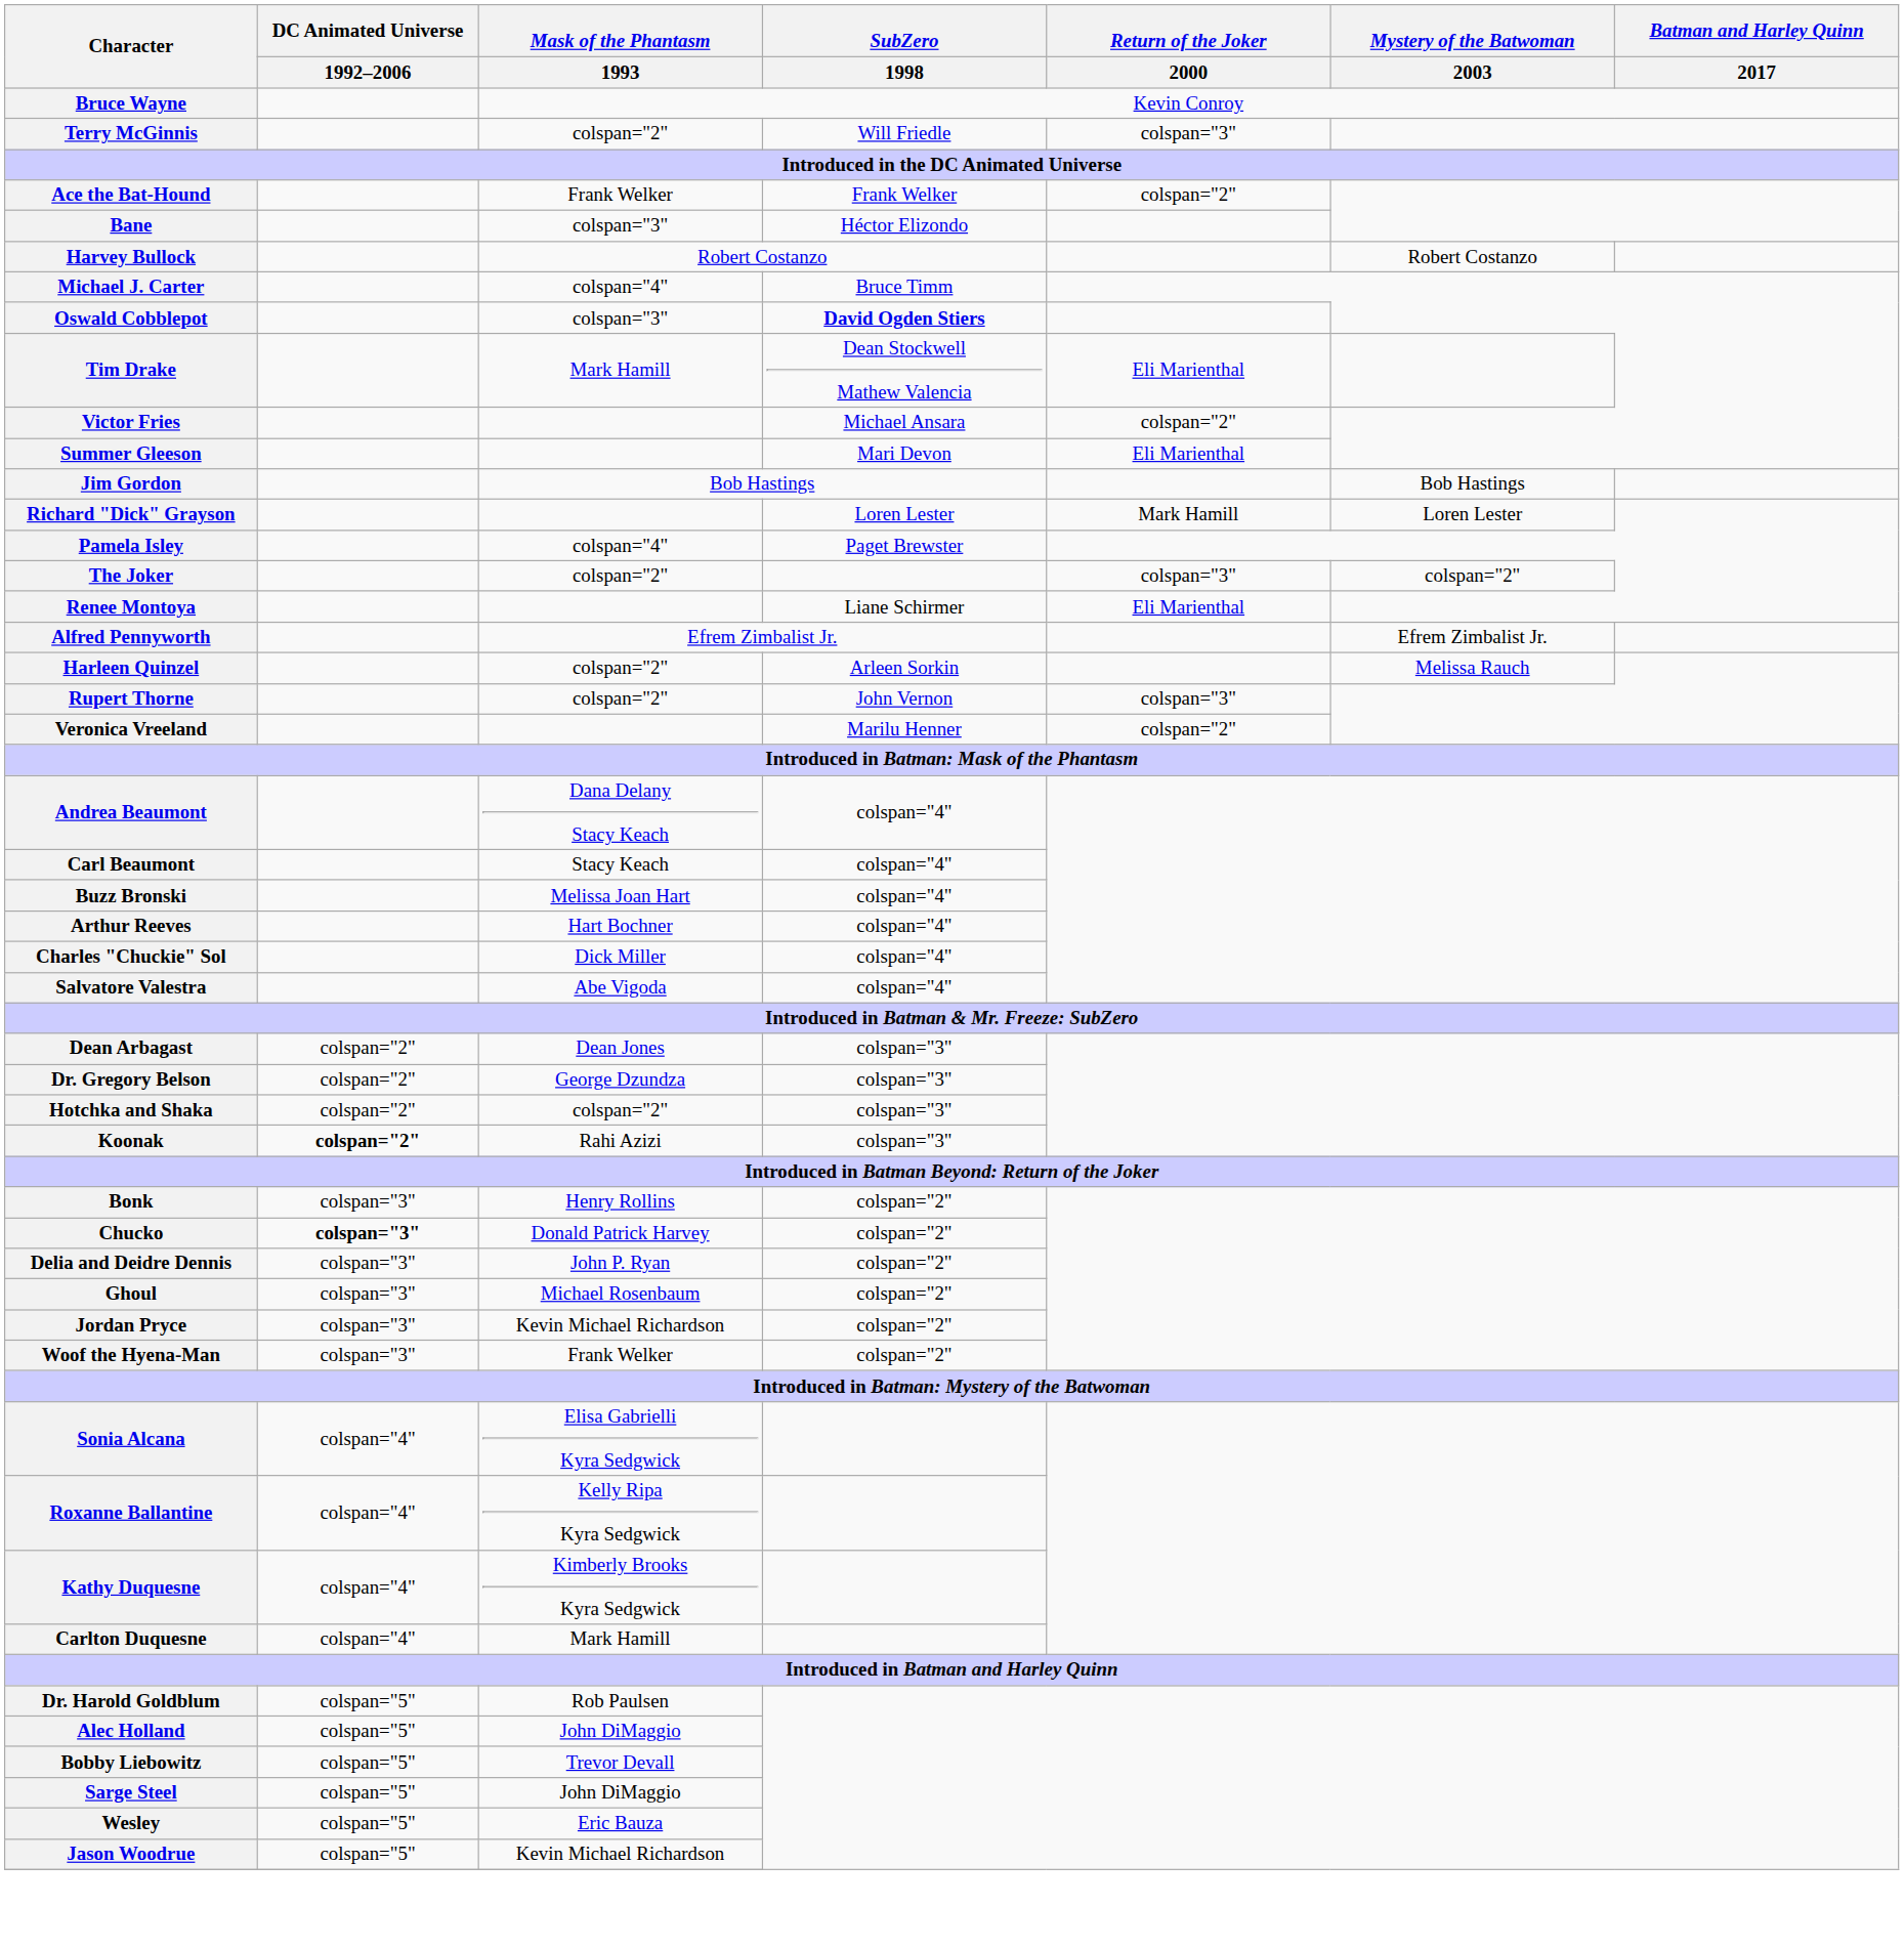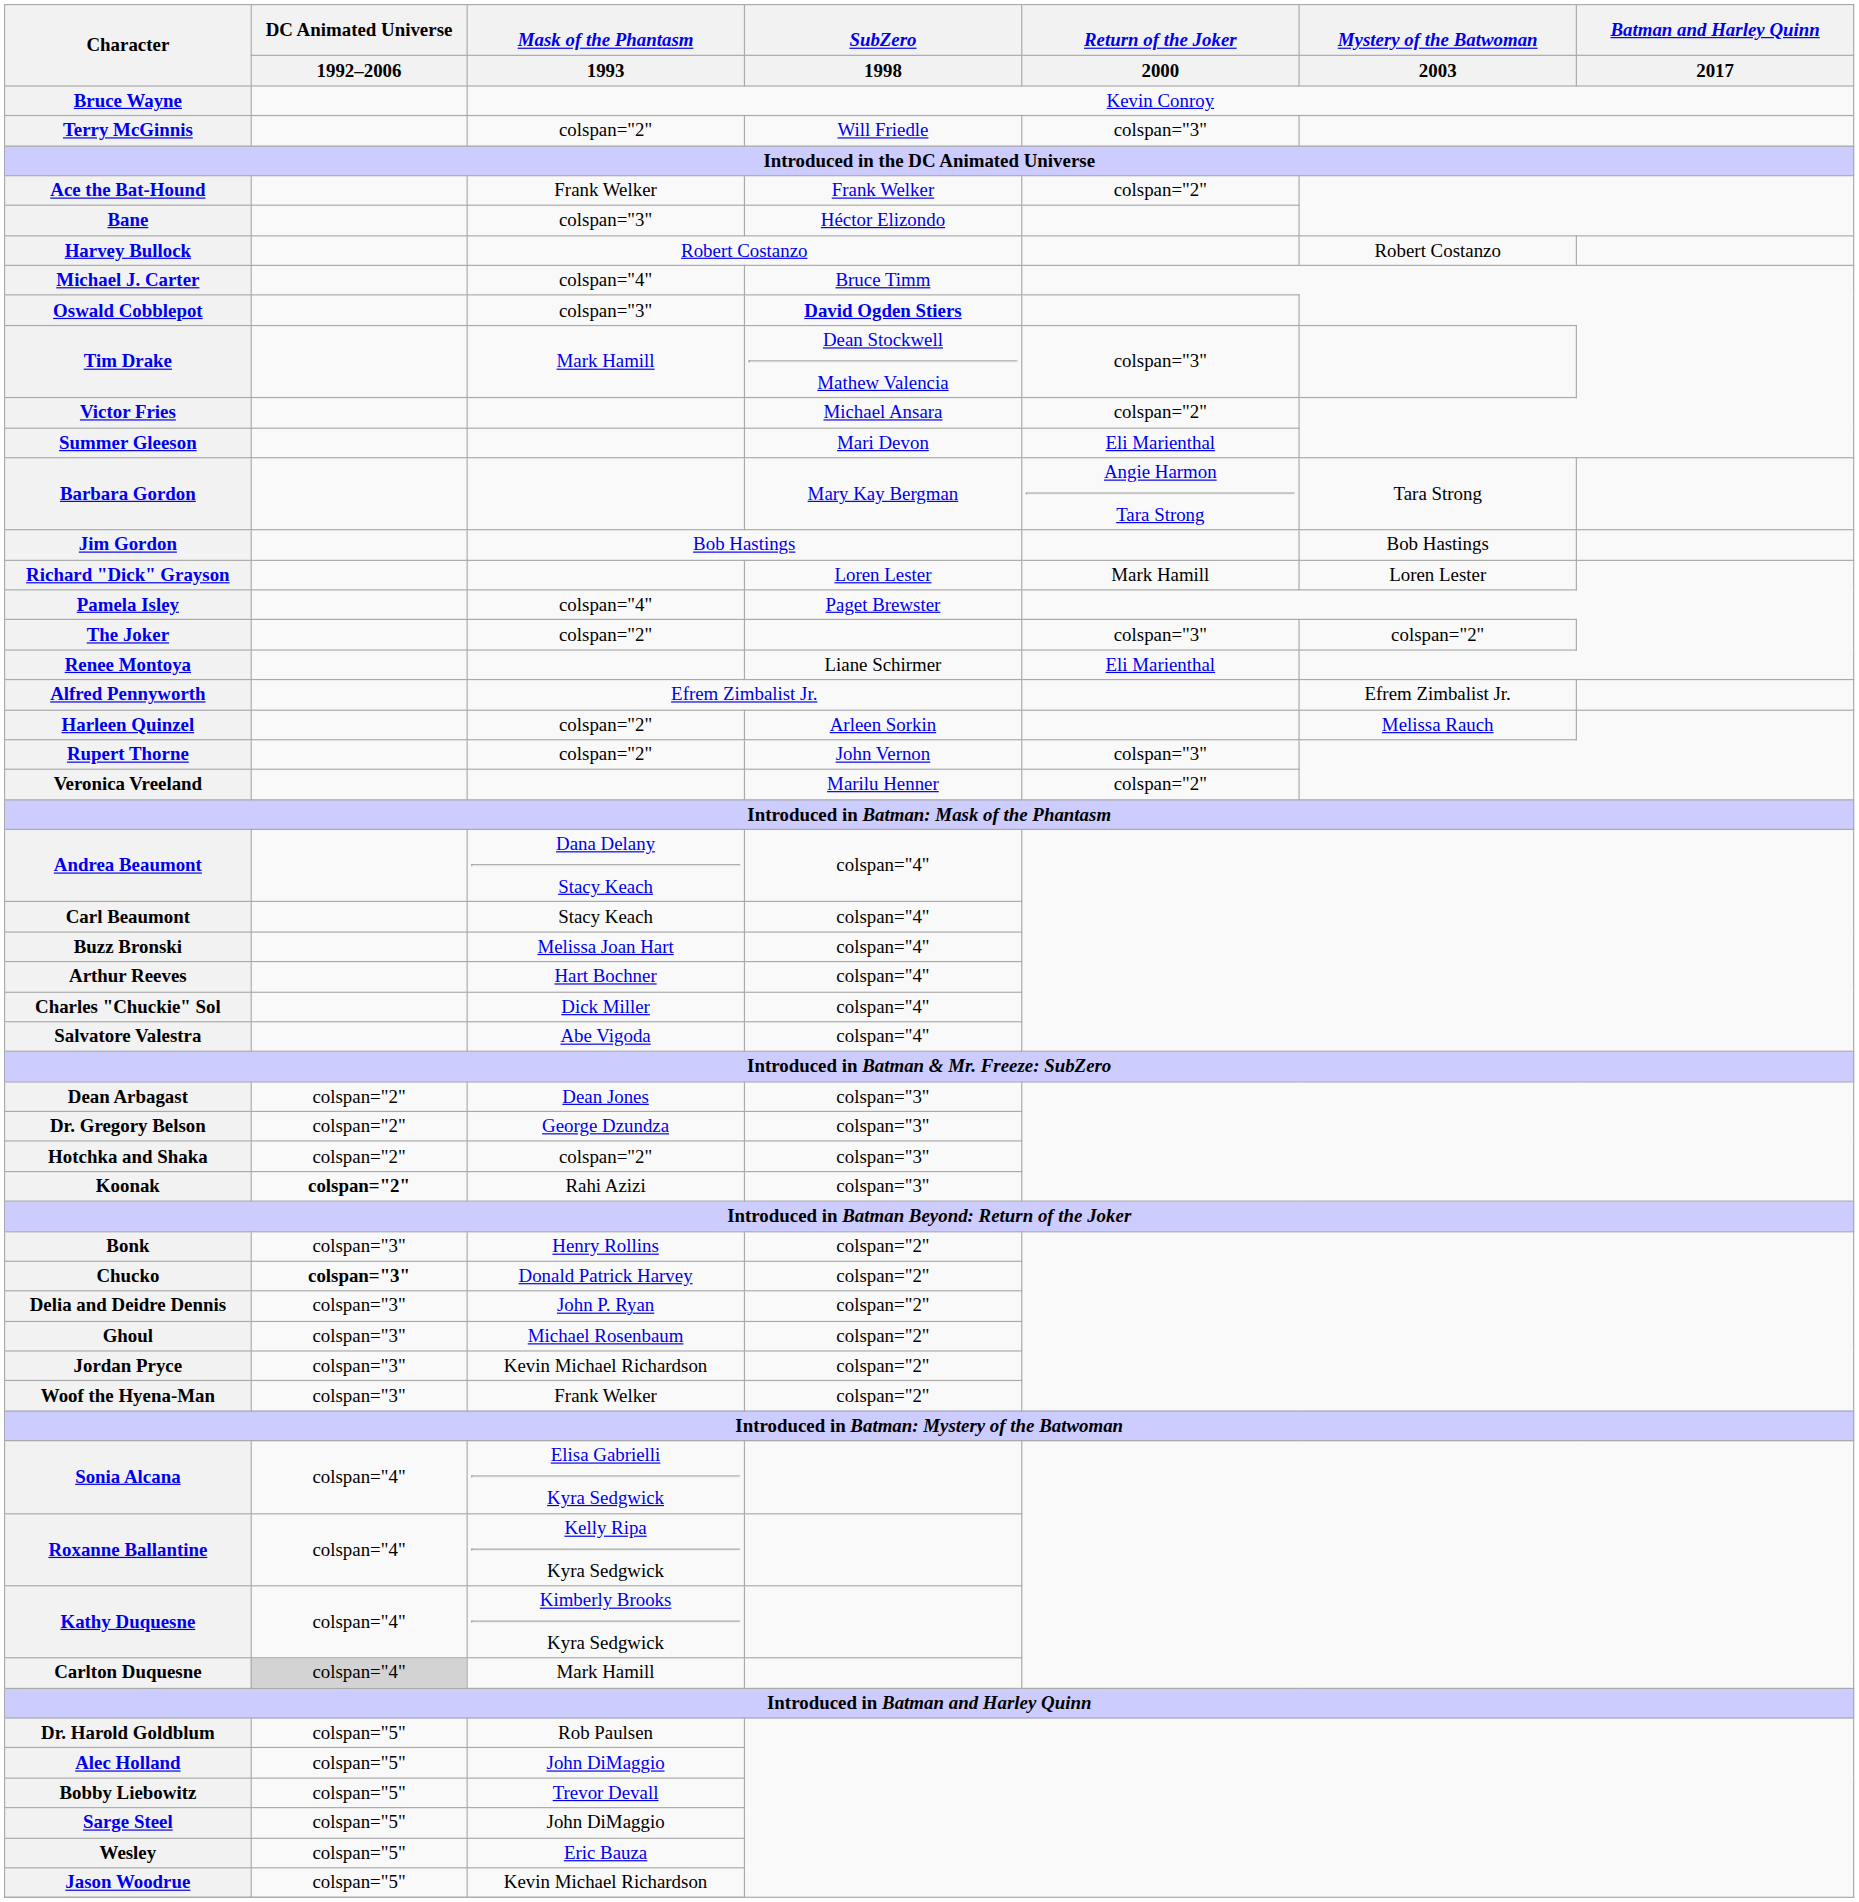 <table class="wikitable" style="text-align:center; width:99%">
 <tr>
 <th rowspan="2" width="8%">Character</th>
 <th align="center" width="7%">DC Animated Universe</th>
 <th align="center" width="9%"><em><a href='#'><br>Mask of the Phantasm</a></em></th>
 <th align="center" width="9%"><em><a href='#'><br>SubZero</a></em></th>
 <th align="center" width="9%"><em><a href='#'><br>Return of the Joker</a></em></th>
 <th align="center" width="9%"><em><a href='#'><br>Mystery of the Batwoman</a></em></th>
 <th align="center" width="9%"><em><a href='#'>Batman and Harley Quinn</a></em></th>
 </tr>
 <tr>
 <th>1992–2006</th>
 <th>1993</th>
 <th>1998</th>
 <th>2000</th>
 <th>2003</th>
 <th>2017</th>
 </tr>
 <tr>
 <th><a href='#'>Bruce Wayne<br></a></th>
 <td></td>
 <td colspan="5"><a href='#'>Kevin Conroy</a></td>
 </tr>
 <tr>
 <th><a href='#'>Terry McGinnis<br></a></th>
 <td></td>
 <td>colspan="2" </td>
 <td><a href='#'>Will Friedle</a></td>
 <td>colspan="3" </td>
 </tr>
 <tr>
 <th colspan="7" style="background:#ccf;">Introduced in the DC Animated Universe</th>
 </tr>
 <tr>
 <th><a href='#'>Ace the Bat-Hound</a></th>
 <td></td>
 <td>Frank Welker</td>
 <td><a href='#'>Frank Welker</a></td>
 <td>colspan="2" </td>
 </tr>
 <tr>
 <th><a href='#'>Bane</a></th>
 <td></td>
 <td>colspan="3" </td>
 <td><a href='#'>Héctor Elizondo</a></td>
 <td></td>
 </tr>
 <tr>
 <th><a href='#'>Harvey Bullock</a></th>
 <td></td>
 <td colspan="2"><a href='#'>Robert Costanzo</a></td>
 <td></td>
 <td>Robert Costanzo</td>
 <td></td>
 </tr>
 <tr>
 <th><a href='#'>Michael J. Carter<br></a></th>
 <td></td>
 <td>colspan="4" </td>
 <td><a href='#'>Bruce Timm</a></td>
 </tr>
 <tr>
 <th><a href='#'>Oswald Cobblepot<br></a></th>
 <td></td>
 <td>colspan="3" </td>
 <td><strong><a href='#'>David Ogden Stiers</a></strong></td>
 <td></td>
 </tr>
 <tr>
 <th><a href='#'>Tim Drake<br></a></th>
 <td></td>
 <td><a href='#'>Mark Hamill</a></td>
 <td><a href='#'>Dean Stockwell</a><hr><a href='#'>Mathew Valencia</a></td>
-<td><a href='#'>Eli Marienthal</a></td>
+<td>colspan="3" </td>
 <td></td>
 </tr>
 <tr>
 <th><a href='#'>Victor Fries<br></a></th>
 <td></td>
 <td></td>
 <td><a href='#'>Michael Ansara</a></td>
 <td>colspan="2" </td>
 </tr>
 <tr>
 <th><a href='#'>Summer Gleeson</a></th>
 <td></td>
 <td></td>
 <td><a href='#'>Mari Devon</a></td>
 <td><a href='#'>Eli Marienthal</a></td>
+</tr>
+<tr>
+<th><a href='#'>Barbara Gordon<br></a></th>
+<td></td>
+<td></td>
+<td><a href='#'>Mary Kay Bergman</a></td>
+<td><a href='#'>Angie Harmon</a><hr><a href='#'>Tara Strong</a></td>
+<td>Tara Strong</td>
+<td></td>
 </tr>
 <tr>
 <th><a href='#'>Jim Gordon</a></th>
 <td></td>
 <td colspan="2"><a href='#'>Bob Hastings</a></td>
 <td></td>
 <td>Bob Hastings</td>
 <td></td>
 </tr>
 <tr>
 <th><a href='#'>Richard "Dick" Grayson<br></a></th>
 <td></td>
 <td></td>
 <td><a href='#'>Loren Lester</a></td>
 <td>Mark Hamill</td>
 <td>Loren Lester</td>
 </tr>
 <tr>
 <th><a href='#'>Pamela Isley<br></a></th>
 <td></td>
 <td>colspan="4" </td>
 <td><a href='#'>Paget Brewster</a></td>
 </tr>
 <tr>
 <th><a href='#'>The Joker</a></th>
 <td></td>
 <td>colspan="2" </td>
 <td></td>
 <td>colspan="3" </td>
 <td>colspan="2" </td>
 </tr>
 <tr>
 <th><a href='#'>Renee Montoya</a></th>
 <td></td>
 <td></td>
 <td>Liane Schirmer</td>
 <td><a href='#'>Eli Marienthal</a></td>
 </tr>
 <tr>
 <th><a href='#'>Alfred Pennyworth</a></th>
 <td></td>
 <td colspan="2"><a href='#'>Efrem Zimbalist Jr.</a></td>
 <td></td>
 <td>Efrem Zimbalist Jr.</td>
 <td></td>
 </tr>
 <tr>
 <th><a href='#'>Harleen Quinzel<br></a></th>
 <td></td>
 <td>colspan="2" </td>
 <td><a href='#'>Arleen Sorkin</a></td>
 <td></td>
 <td><a href='#'>Melissa Rauch</a></td>
 </tr>
 <tr>
 <th><a href='#'>Rupert Thorne</a></th>
 <td></td>
 <td>colspan="2" </td>
 <td><a href='#'>John Vernon</a></td>
 <td>colspan="3" </td>
 </tr>
 <tr>
 <th>Veronica Vreeland</th>
 <td></td>
 <td></td>
 <td><a href='#'>Marilu Henner</a></td>
 <td>colspan="2" </td>
 </tr>
 <tr>
 <th colspan="7" style="background:#ccf;">Introduced in <em>Batman: Mask of the Phantasm</em></th>
 </tr>
 <tr>
 <th><a href='#'>Andrea Beaumont<br></a></th>
 <td></td>
 <td><a href='#'>Dana Delany</a><hr><a href='#'>Stacy Keach</a></td>
 <td>colspan="4" </td>
 </tr>
 <tr>
 <th>Carl Beaumont</th>
 <td></td>
 <td>Stacy Keach</td>
 <td>colspan="4" </td>
 </tr>
 <tr>
 <th>Buzz Bronski</th>
 <td></td>
 <td><a href='#'>Melissa Joan Hart</a></td>
 <td>colspan="4" </td>
 </tr>
 <tr>
 <th>Arthur Reeves</th>
 <td></td>
 <td><a href='#'>Hart Bochner</a></td>
 <td>colspan="4" </td>
 </tr>
 <tr>
 <th>Charles "Chuckie" Sol</th>
 <td></td>
 <td><a href='#'>Dick Miller</a></td>
 <td>colspan="4" </td>
 </tr>
 <tr>
 <th>Salvatore Valestra</th>
 <td></td>
 <td><a href='#'>Abe Vigoda</a></td>
 <td>colspan="4" </td>
 </tr>
 <tr>
 <th colspan="7" style="background:#ccf;">Introduced in <em>Batman & Mr. Freeze: SubZero</em></th>
 </tr>
 <tr>
 <th>Dean Arbagast</th>
 <td>colspan="2" </td>
 <td><a href='#'>Dean Jones</a></td>
 <td>colspan="3" </td>
 </tr>
 <tr>
 <th>Dr. Gregory Belson</th>
 <td>colspan="2" </td>
 <td><a href='#'>George Dzundza</a></td>
 <td>colspan="3" </td>
 </tr>
 <tr>
 <th>Hotchka and Shaka</th>
 <td>colspan="2" </td>
 <td>colspan="2" </td>
 <td>colspan="3" </td>
 </tr>
 <tr>
 <th>Koonak</th>
 <td><strong>colspan="2" </strong></td>
 <td>Rahi Azizi</td>
 <td>colspan="3" </td>
 </tr>
 <tr>
 <th colspan="7" style="background:#ccf;">Introduced in <em>Batman Beyond: Return of the Joker</em></th>
 </tr>
 <tr>
 <th>Bonk</th>
 <td>colspan="3" </td>
 <td><a href='#'>Henry Rollins</a></td>
 <td>colspan="2" </td>
 </tr>
 <tr>
 <th>Chucko</th>
 <td><strong>colspan="3" </strong></td>
 <td><a href='#'>Donald Patrick Harvey</a></td>
 <td>colspan="2" </td>
 </tr>
 <tr>
 <th>Delia and Deidre Dennis<br></th>
 <td>colspan="3" </td>
 <td><a href='#'>John P. Ryan</a></td>
 <td>colspan="2" </td>
 </tr>
 <tr>
 <th>Ghoul</th>
 <td>colspan="3" </td>
 <td><a href='#'>Michael Rosenbaum</a></td>
 <td>colspan="2" </td>
 </tr>
 <tr>
 <th>Jordan Pryce</th>
 <td>colspan="3" </td>
 <td>Kevin Michael Richardson</td>
 <td>colspan="2" </td>
 </tr>
 <tr>
 <th>Woof the Hyena-Man</th>
 <td>colspan="3" </td>
 <td>Frank Welker</td>
 <td>colspan="2" </td>
 </tr>
 <tr>
 <th colspan="7" style="background:#ccf;">Introduced in <em>Batman: Mystery of the Batwoman</em></th>
 </tr>
 <tr>
 <th><a href='#'>Sonia Alcana<br></a></th>
 <td>colspan="4" </td>
 <td><a href='#'>Elisa Gabrielli</a><hr><a href='#'>Kyra Sedgwick</a></td>
 <td></td>
 </tr>
 <tr>
 <th><a href='#'>Roxanne Ballantine<br></a></th>
 <td>colspan="4" </td>
 <td><a href='#'>Kelly Ripa</a><hr>Kyra Sedgwick</td>
 <td></td>
 </tr>
 <tr>
 <th><a href='#'>Kathy Duquesne<br></a></th>
 <td>colspan="4" </td>
 <td><a href='#'>Kimberly Brooks</a><hr>Kyra Sedgwick</td>
 <td></td>
 </tr>
 <tr>
 <th>Carlton Duquesne</th>
-<td>colspan="4" </td>
+<td style="background: lightgrey;">colspan="4" </td>
 <td>Mark Hamill</td>
 <td></td>
 </tr>
 <tr>
 <th colspan="7" style="background:#ccf;">Introduced in <em>Batman and Harley Quinn</em></th>
 </tr>
 <tr>
 <th>Dr. Harold Goldblum</th>
 <td>colspan="5" </td>
 <td>Rob Paulsen</td>
 </tr>
 <tr>
 <th><a href='#'>Alec Holland<br></a></th>
 <td>colspan="5" </td>
 <td><a href='#'>John DiMaggio</a></td>
 </tr>
 <tr>
 <th>Bobby Liebowitz</th>
 <td>colspan="5" </td>
 <td><a href='#'>Trevor Devall</a></td>
 </tr>
 <tr>
 <th><a href='#'>Sarge Steel</a></th>
 <td>colspan="5" </td>
 <td>John DiMaggio</td>
 </tr>
 <tr>
 <th>Wesley</th>
 <td>colspan="5" </td>
 <td><a href='#'>Eric Bauza</a></td>
 </tr>
 <tr>
 <th><a href='#'>Jason Woodrue<br></a></th>
 <td>colspan="5" </td>
 <td>Kevin Michael Richardson</td>
 </tr>
 <tr>
 </tr>
 </table>
